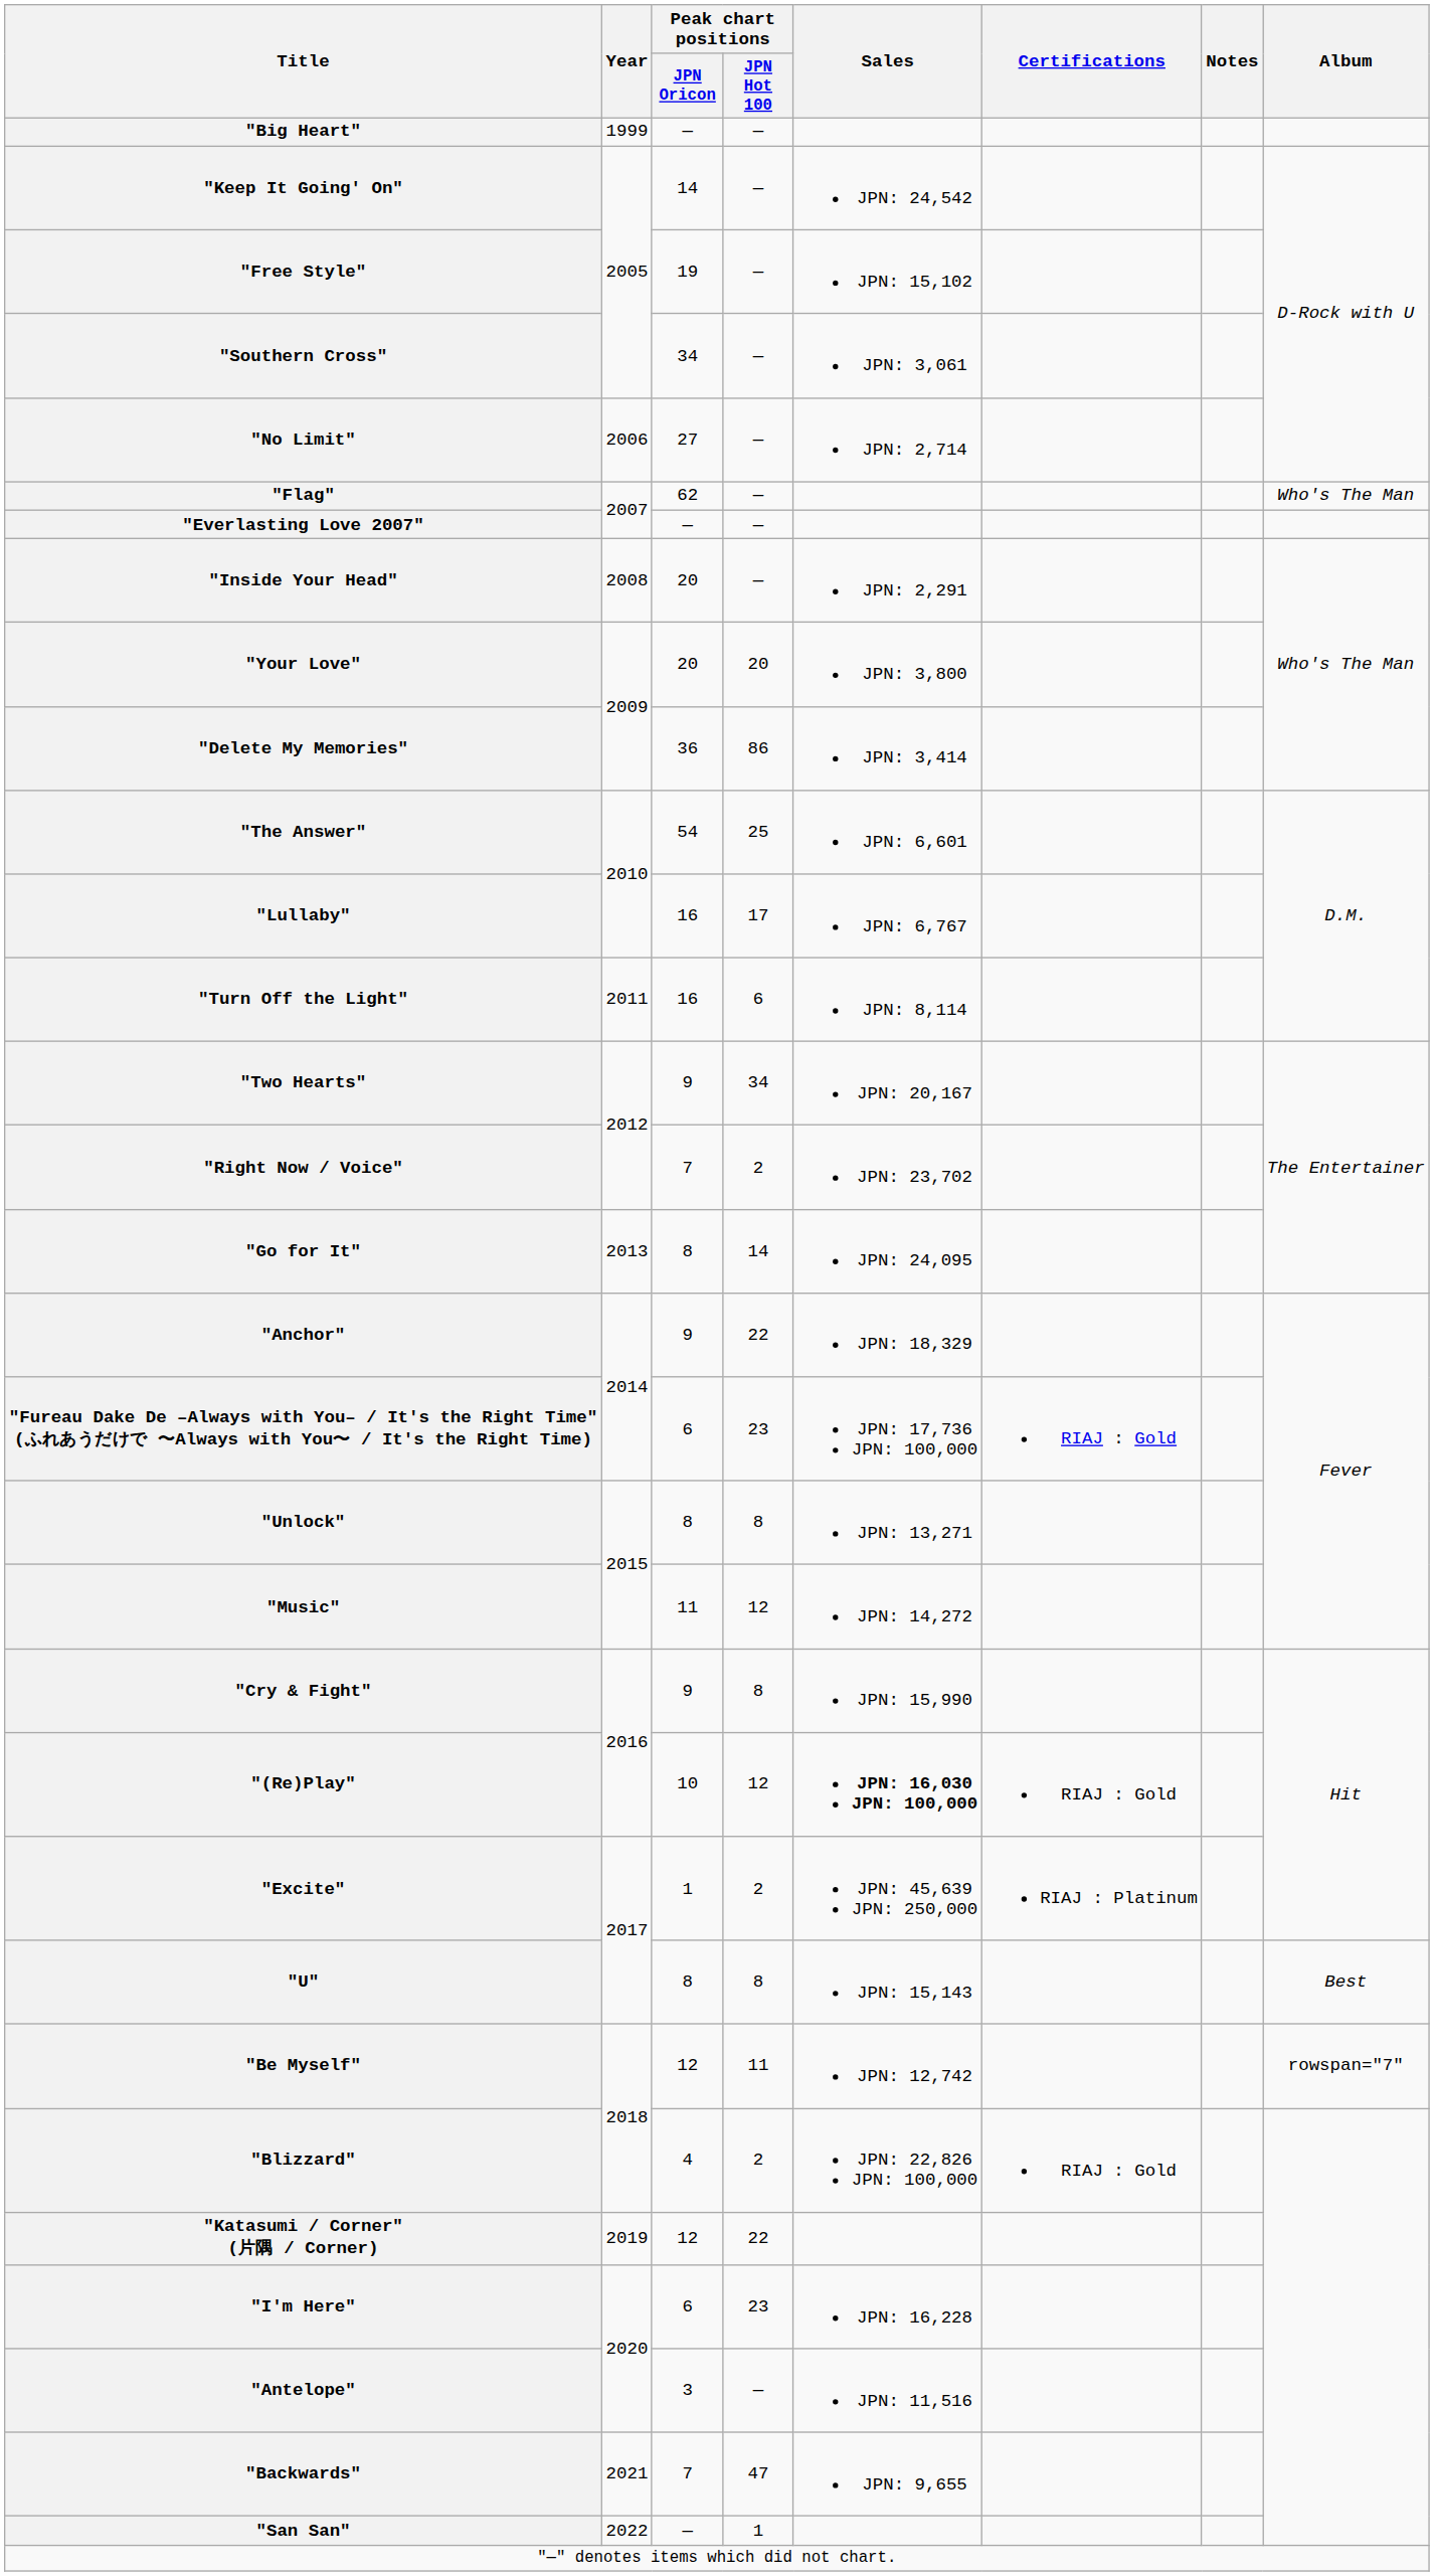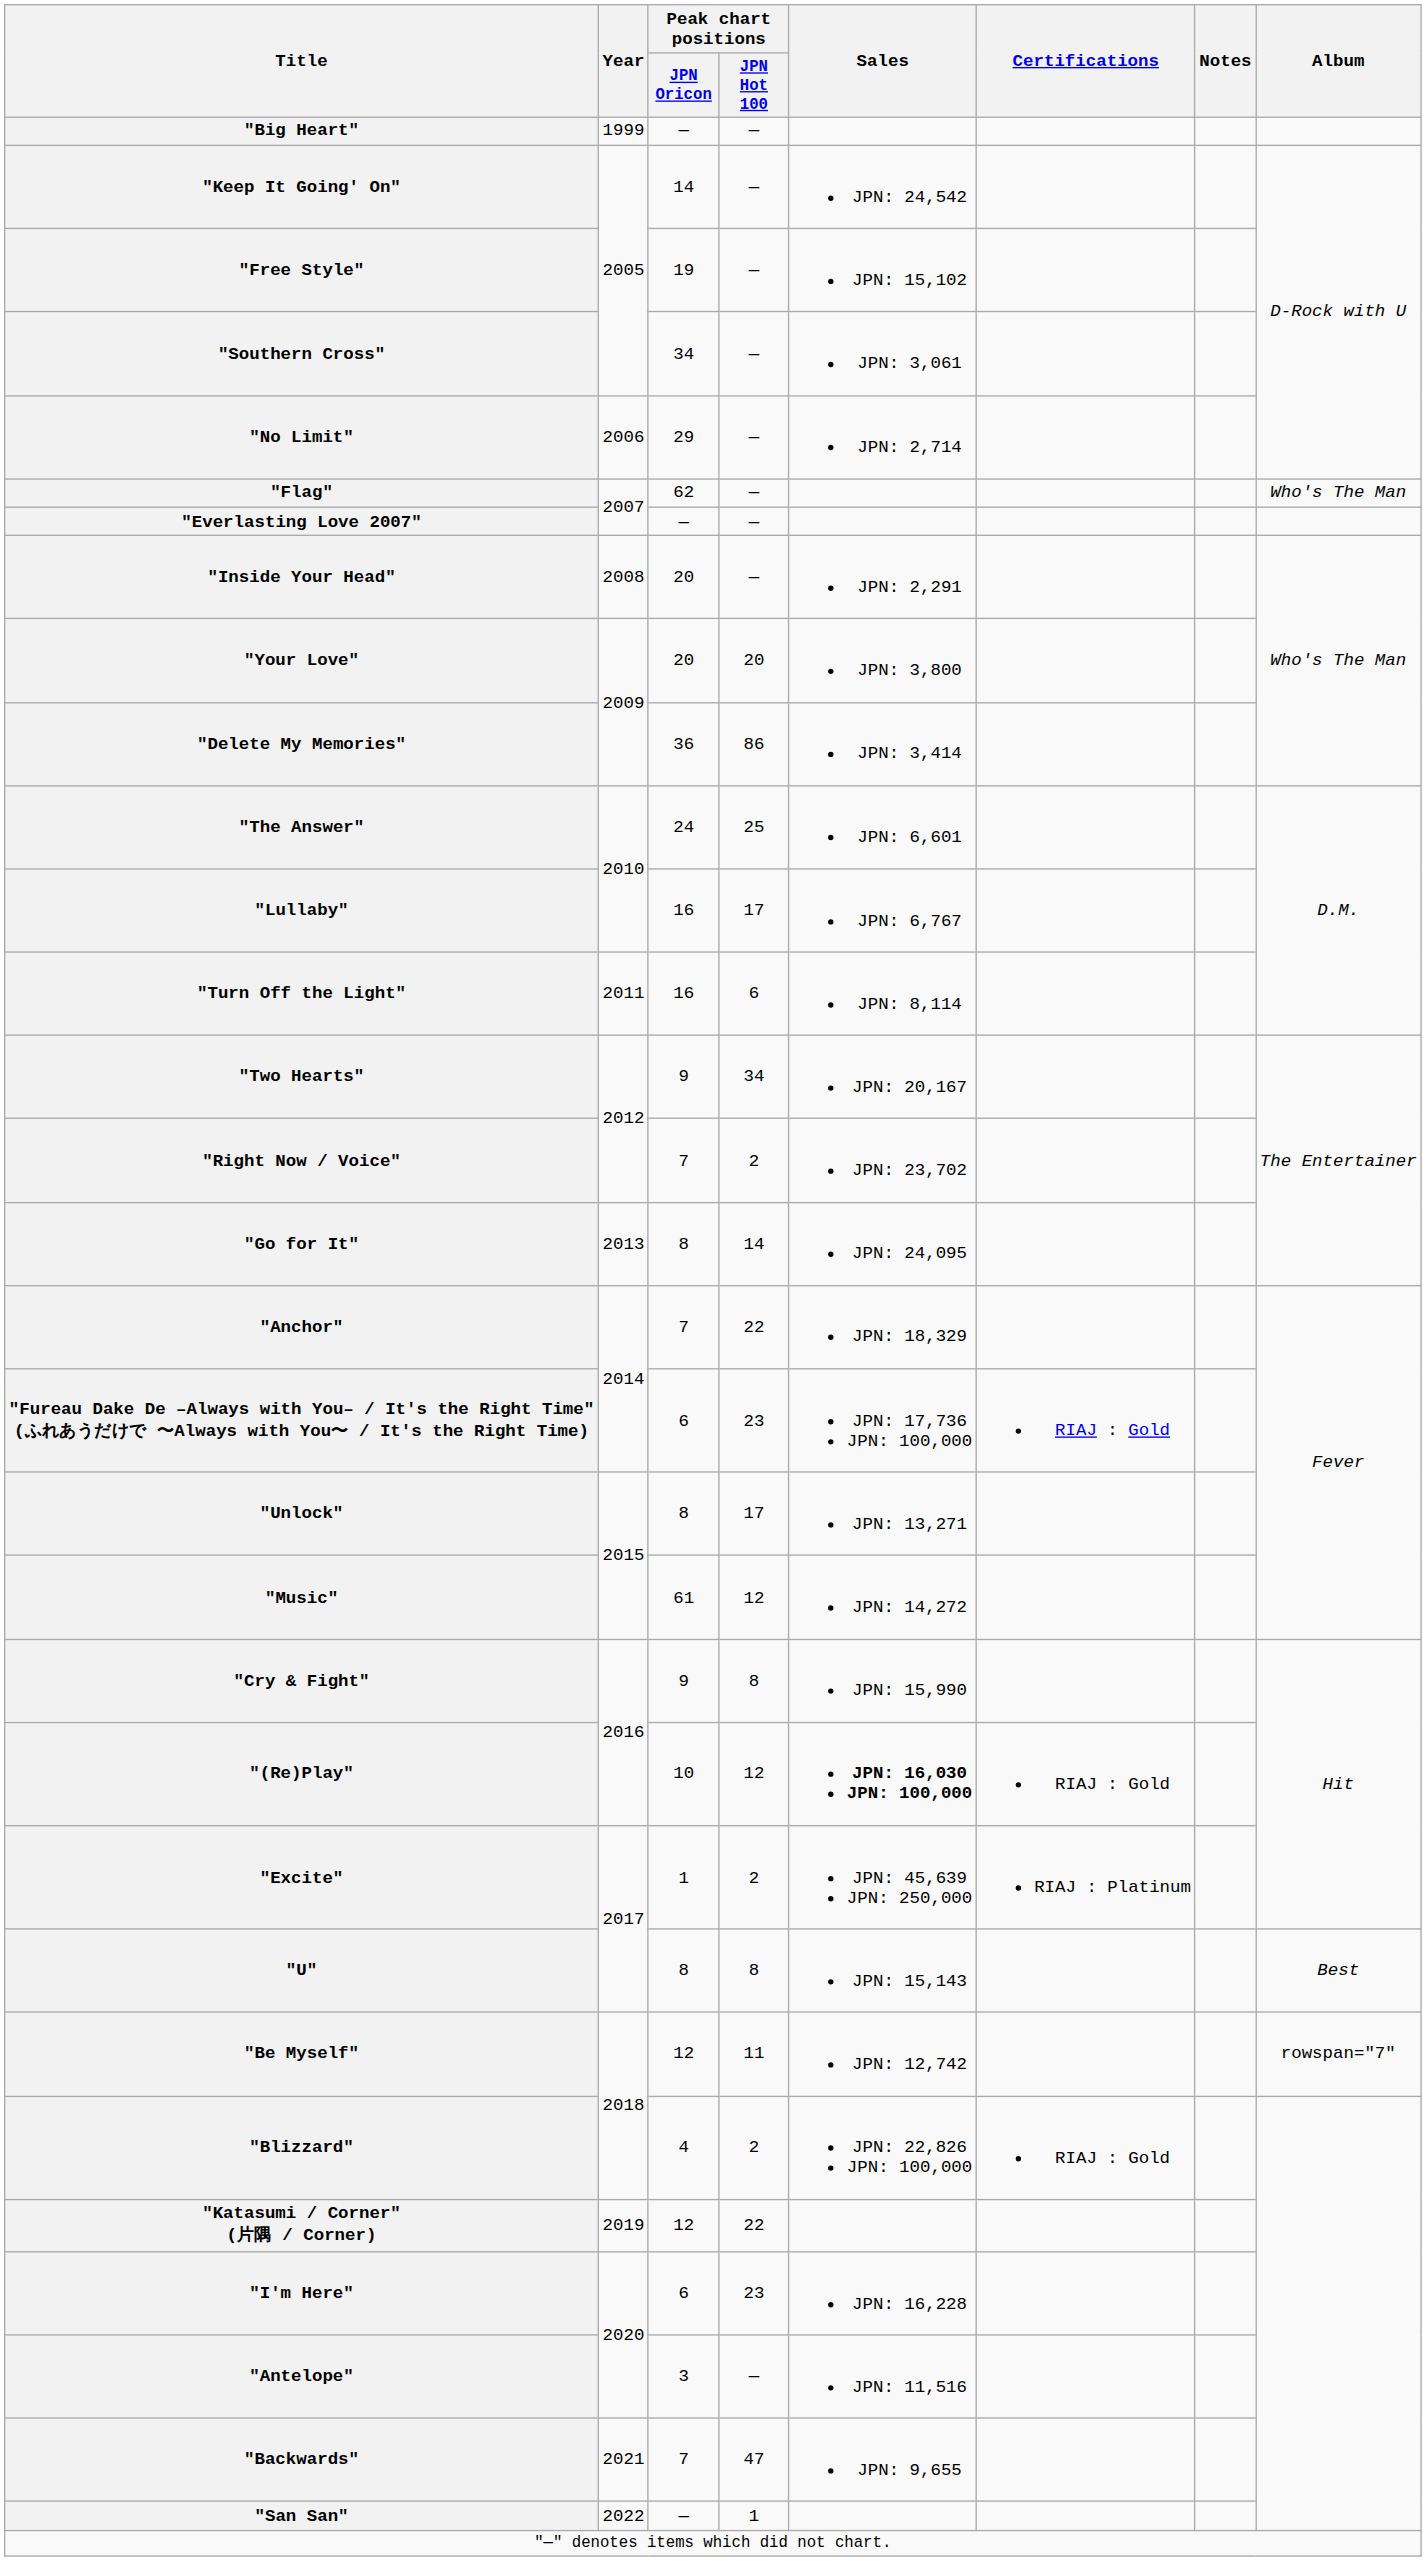 <table class="wikitable plainrowheaders" style="text-align:center;">
 <tr>
 <th scope="col" rowspan="2">Title</th>
 <th scope="col" rowspan="2" style="width:2em;">Year</th>
 <th scope="col" colspan="2">Peak chart positions</th>
 <th scope="col" rowspan="2">Sales</th>
 <th scope="col" rowspan="2"><a href='#'>Certifications</a></th>
 <th scope="col" rowspan="2">Notes</th>
 <th scope="col" rowspan="2">Album</th>
 </tr>
 <tr>
 <th scope="col" style="width:4em;font-size:90%;"><a href='#'>JPN<br>Oricon</a><br></th>
 <th scope="col" style="width:4em;font-size:90%;"><a href='#'>JPN<br>Hot<br>100</a><br></th>
 </tr>
 <tr>
 <th scope="row">"Big Heart"</th>
 <td>1999</td>
 <td>—</td>
 <td>—</td>
 <td></td>
 <td></td>
 <td align="left"></td>
 <td></td>
 </tr>
 <tr>
 <th scope="row">"Keep It Going' On"</th>
 <td rowspan="3">2005</td>
 <td>14</td>
 <td>—</td>
 <td><br><ul><li>JPN: 24,542</li></ul></td>
 <td></td>
 <td></td>
 <td rowspan="4"><em>D-Rock with U</em></td>
 </tr>
 <tr>
 <th scope="row">"Free Style"</th>
 <td>19</td>
 <td>—</td>
 <td><br><ul><li>JPN: 15,102</li></ul></td>
 <td></td>
 <td></td>
 </tr>
 <tr>
 <th scope="row">"Southern Cross"</th>
 <td>34</td>
 <td>—</td>
 <td><br><ul><li>JPN: 3,061</li></ul></td>
 <td></td>
 <td></td>
 </tr>
 <tr>
 <th scope="row">"No Limit"<br></th>
 <td>2006</td>
-<td>27</td>
+<td>29</td>
 <td>—</td>
 <td><br><ul><li>JPN: 2,714</li></ul></td>
 <td></td>
 <td align="left"></td>
 </tr>
 <tr>
 <th scope="row">"Flag"</th>
 <td rowspan="2">2007</td>
 <td>62</td>
 <td>—</td>
 <td></td>
 <td></td>
 <td></td>
 <td><em>Who's The Man</em></td>
 </tr>
 <tr>
 <th scope="row">"Everlasting Love 2007"</th>
 <td>—</td>
 <td>—</td>
 <td></td>
 <td></td>
 <td align="left"></td>
 <td></td>
 </tr>
 <tr>
 <th scope="row">"Inside Your Head"</th>
 <td>2008</td>
 <td>20</td>
 <td>—</td>
 <td><br><ul><li>JPN:  2,291</li></ul></td>
 <td></td>
 <td></td>
 <td rowspan="3"><em>Who's The Man</em></td>
 </tr>
 <tr>
 <th scope="row">"Your Love"<br></th>
 <td rowspan="2">2009</td>
 <td>20</td>
 <td>20</td>
 <td><br><ul><li>JPN: 3,800</li></ul></td>
 <td></td>
 <td></td>
 </tr>
 <tr>
 <th scope="row">"Delete My Memories"</th>
 <td>36</td>
 <td>86</td>
 <td><br><ul><li>JPN: 3,414</li></ul></td>
 <td></td>
 <td></td>
 </tr>
 <tr>
 <th scope="row">"The Answer"</th>
 <td rowspan="2">2010</td>
-<td>54</td>
+<td>24</td>
 <td>25</td>
 <td><br><ul><li>JPN: 6,601</li></ul></td>
 <td></td>
 <td></td>
 <td rowspan="3"><em>D.M.</em></td>
 </tr>
 <tr>
 <th scope="row">"Lullaby"</th>
 <td>16</td>
 <td>17</td>
 <td><br><ul><li>JPN: 6,767</li></ul></td>
 <td></td>
 <td></td>
 </tr>
 <tr>
 <th scope="row">"Turn Off the Light"</th>
 <td>2011</td>
 <td>16</td>
 <td>6</td>
 <td><br><ul><li>JPN: 8,114</li></ul></td>
 <td></td>
 <td></td>
 </tr>
 <tr>
 <th scope="row">"Two Hearts"</th>
 <td rowspan="2">2012</td>
 <td>9</td>
 <td>34</td>
 <td><br><ul><li>JPN: 20,167</li></ul></td>
 <td></td>
 <td></td>
 <td rowspan="3"><em>The Entertainer</em></td>
 </tr>
 <tr>
 <th scope="row">"Right Now / Voice"</th>
 <td>7</td>
 <td>2</td>
 <td><br><ul><li>JPN: 23,702</li></ul></td>
 <td></td>
 <td></td>
 </tr>
 <tr>
 <th scope="row">"Go for It"</th>
 <td>2013</td>
 <td>8</td>
 <td>14</td>
 <td><br><ul><li>JPN:  24,095</li></ul></td>
 <td></td>
 <td></td>
 </tr>
 <tr>
 <th scope="row">"Anchor"</th>
 <td rowspan="2">2014</td>
-<td>9</td>
+<td>7</td>
 <td>22</td>
 <td><br><ul><li>JPN: 18,329</li></ul></td>
 <td></td>
 <td></td>
 <td rowspan="4"><em>Fever</em></td>
 </tr>
 <tr>
 <th scope="row">"Fureau Dake De –Always with You– / It's the Right Time"<br>(ふれあうだけで 〜Always with You〜 / It's the Right Time)</th>
 <td>6</td>
 <td>23</td>
 <td><br><ul><li>JPN: 17,736 </li><li>JPN: 100,000 </li></ul></td>
 <td><br><ul><li><a href='#'>RIAJ</a> : <a href='#'>Gold</a></li></ul></td>
 <td align="left"></td>
 </tr>
 <tr>
 <th scope="row">"Unlock"</th>
 <td rowspan="2">2015</td>
 <td>8</td>
-<td>8</td>
+<td>17</td>
 <td><br><ul><li>JPN: 13,271</li></ul></td>
 <td></td>
 <td align="left"></td>
 </tr>
 <tr>
 <th scope="row">"Music"</th>
-<td>11</td>
+<td>61</td>
 <td>12</td>
 <td><br><ul><li>JPN: 14,272</li></ul></td>
 <td></td>
 <td></td>
 </tr>
 <tr>
 <th scope="row">"Cry & Fight"</th>
 <td rowspan="2">2016</td>
 <td>9</td>
 <td>8</td>
 <td><br><ul><li>JPN: 15,990</li></ul></td>
 <td></td>
 <td></td>
 <td rowspan="3"><em>Hit</em></td>
 </tr>
 <tr>
 <th scope="row">"(Re)Play"</th>
 <td>10</td>
 <td>12</td>
 <td><strong><br><ul><li>JPN: 16,030 </li><li>JPN: 100,000 </li></ul></strong></td>
 <td><br><ul><li>RIAJ : Gold</li></ul></td>
 <td></td>
 </tr>
 <tr>
 <th scope="row">"Excite"</th>
 <td rowspan="2">2017</td>
 <td>1</td>
 <td>2</td>
 <td><br><ul><li>JPN: 45,639 </li><li>JPN: 250,000 </li></ul></td>
 <td><br><ul><li>RIAJ : Platinum</li></ul></td>
 <td align="left"></td>
 </tr>
 <tr>
 <th scope="row">"U"</th>
 <td>8</td>
 <td>8</td>
 <td><br><ul><li>JPN: 15,143</li></ul></td>
 <td></td>
 <td></td>
 <td><em>Best</em></td>
 </tr>
 <tr>
 <th scope="row">"Be Myself"</th>
 <td rowspan="2">2018</td>
 <td>12</td>
 <td>11</td>
 <td><br><ul><li>JPN: 12,742</li></ul></td>
 <td></td>
 <td></td>
 <td>rowspan="7" </td>
 </tr>
 <tr>
 <th scope="row">"Blizzard"</th>
 <td>4</td>
 <td>2</td>
 <td><br><ul><li>JPN: 22,826 </li><li>JPN: 100,000 </li></ul></td>
 <td><br><ul><li>RIAJ : Gold</li></ul></td>
 <td align="left"></td>
 </tr>
 <tr>
 <th scope="row">"Katasumi / Corner"<br>(片隅 / Corner)</th>
 <td>2019</td>
 <td>12</td>
 <td>22</td>
 <td></td>
 <td></td>
 <td></td>
 </tr>
 <tr>
 <th scope="row">"I'm Here"</th>
 <td rowspan="2">2020</td>
 <td>6</td>
 <td>23</td>
 <td><br><ul><li>JPN: 16,228</li></ul></td>
 <td></td>
 <td></td>
 </tr>
 <tr>
 <th scope="row">"Antelope"</th>
 <td>3</td>
 <td>—</td>
 <td><br><ul><li>JPN: 11,516 </li></ul></td>
 <td></td>
 <td></td>
 </tr>
 <tr>
 <th scope="row">"Backwards"</th>
 <td>2021</td>
 <td>7</td>
 <td>47</td>
 <td><br><ul><li>JPN: 9,655 </li></ul></td>
 <td></td>
 <td></td>
 </tr>
 <tr>
 <th scope="row">"San San"</th>
 <td>2022</td>
 <td>—</td>
 <td>1</td>
 <td></td>
 <td></td>
 <td></td>
 </tr>
 <tr>
 <td colspan="10" align="center" style="font-size:90%;">"—" denotes items which did not chart.</td>
 </tr>
 </table>
